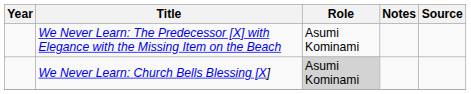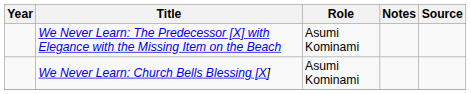 <table class="wikitable sortable plainrowheaders">
 <tr>
 <th>Year</th>
 <th class="unsortable">Title</th>
 <th class="unsortable">Role</th>
 <th class="unsortable">Notes</th>
 <th class="unsortable">Source</th>
 </tr>
 <tr>
 <td></td>
 <td><em><a href='#'>We Never Learn: The Predecessor [X] with Elegance with the Missing Item on the Beach</a></em></td>
 <td>Asumi Kominami</td>
 <td></td>
 <td></td>
 </tr>
 <tr>
 <td></td>
 <td><em><a href='#'>We Never Learn: Church Bells Blessing [X</a>]</em></td>
-<td style="background: lightgrey;">Asumi Kominami</td>
+<td>Asumi Kominami</td>
 <td></td>
 <td></td>
 </tr>
 <tr>
 </tr>
 </table>
